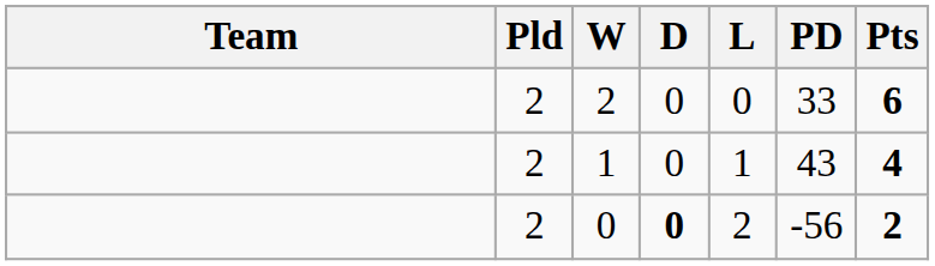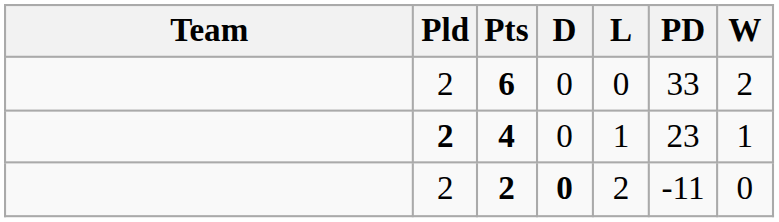 <table class="wikitable" style="text-align:center;">
 <tr>
 <th width="190">Team</th>
 <th width="20" abbr="Played">Pld</th>
-<th width="20" abbr="Won">W</th>
+<th width="20" abbr="Points">Pts</th>
 <th width="20" abbr="Drawn">D</th>
 <th width="20" abbr="Lost">L</th>
 <th width="25" abbr="Points difference">PD</th>
-<th width="20" abbr="Points">Pts</th>
+<th width="20" abbr="Won">W</th>
 </tr>
 <tr>
 <td align="left"></td>
 <td>2</td>
-<td>2</td>
+<td><strong>6</strong></td>
 <td>0</td>
 <td>0</td>
 <td>33</td>
-<td><strong>6</strong></td>
+<td>2</td>
+</tr>
+<tr>
+<td align="left"></td>
+<td><strong>2</strong></td>
+<td><strong>4</strong></td>
+<td>0</td>
+<td>1</td>
+<td>23</td>
+<td>1</td>
 </tr>
 <tr>
 <td align="left"></td>
 <td>2</td>
-<td>1</td>
-<td>0</td>
-<td>1</td>
-<td>43</td>
-<td><strong>4</strong></td>
-</tr>
-<tr>
-<td align="left"></td>
-<td>2</td>
-<td>0</td>
+<td><strong>2</strong></td>
 <td><strong>0</strong></td>
 <td>2</td>
-<td>-56</td>
-<td><strong>2</strong></td>
+<td>-11</td>
+<td>0</td>
 </tr>
 </table>
